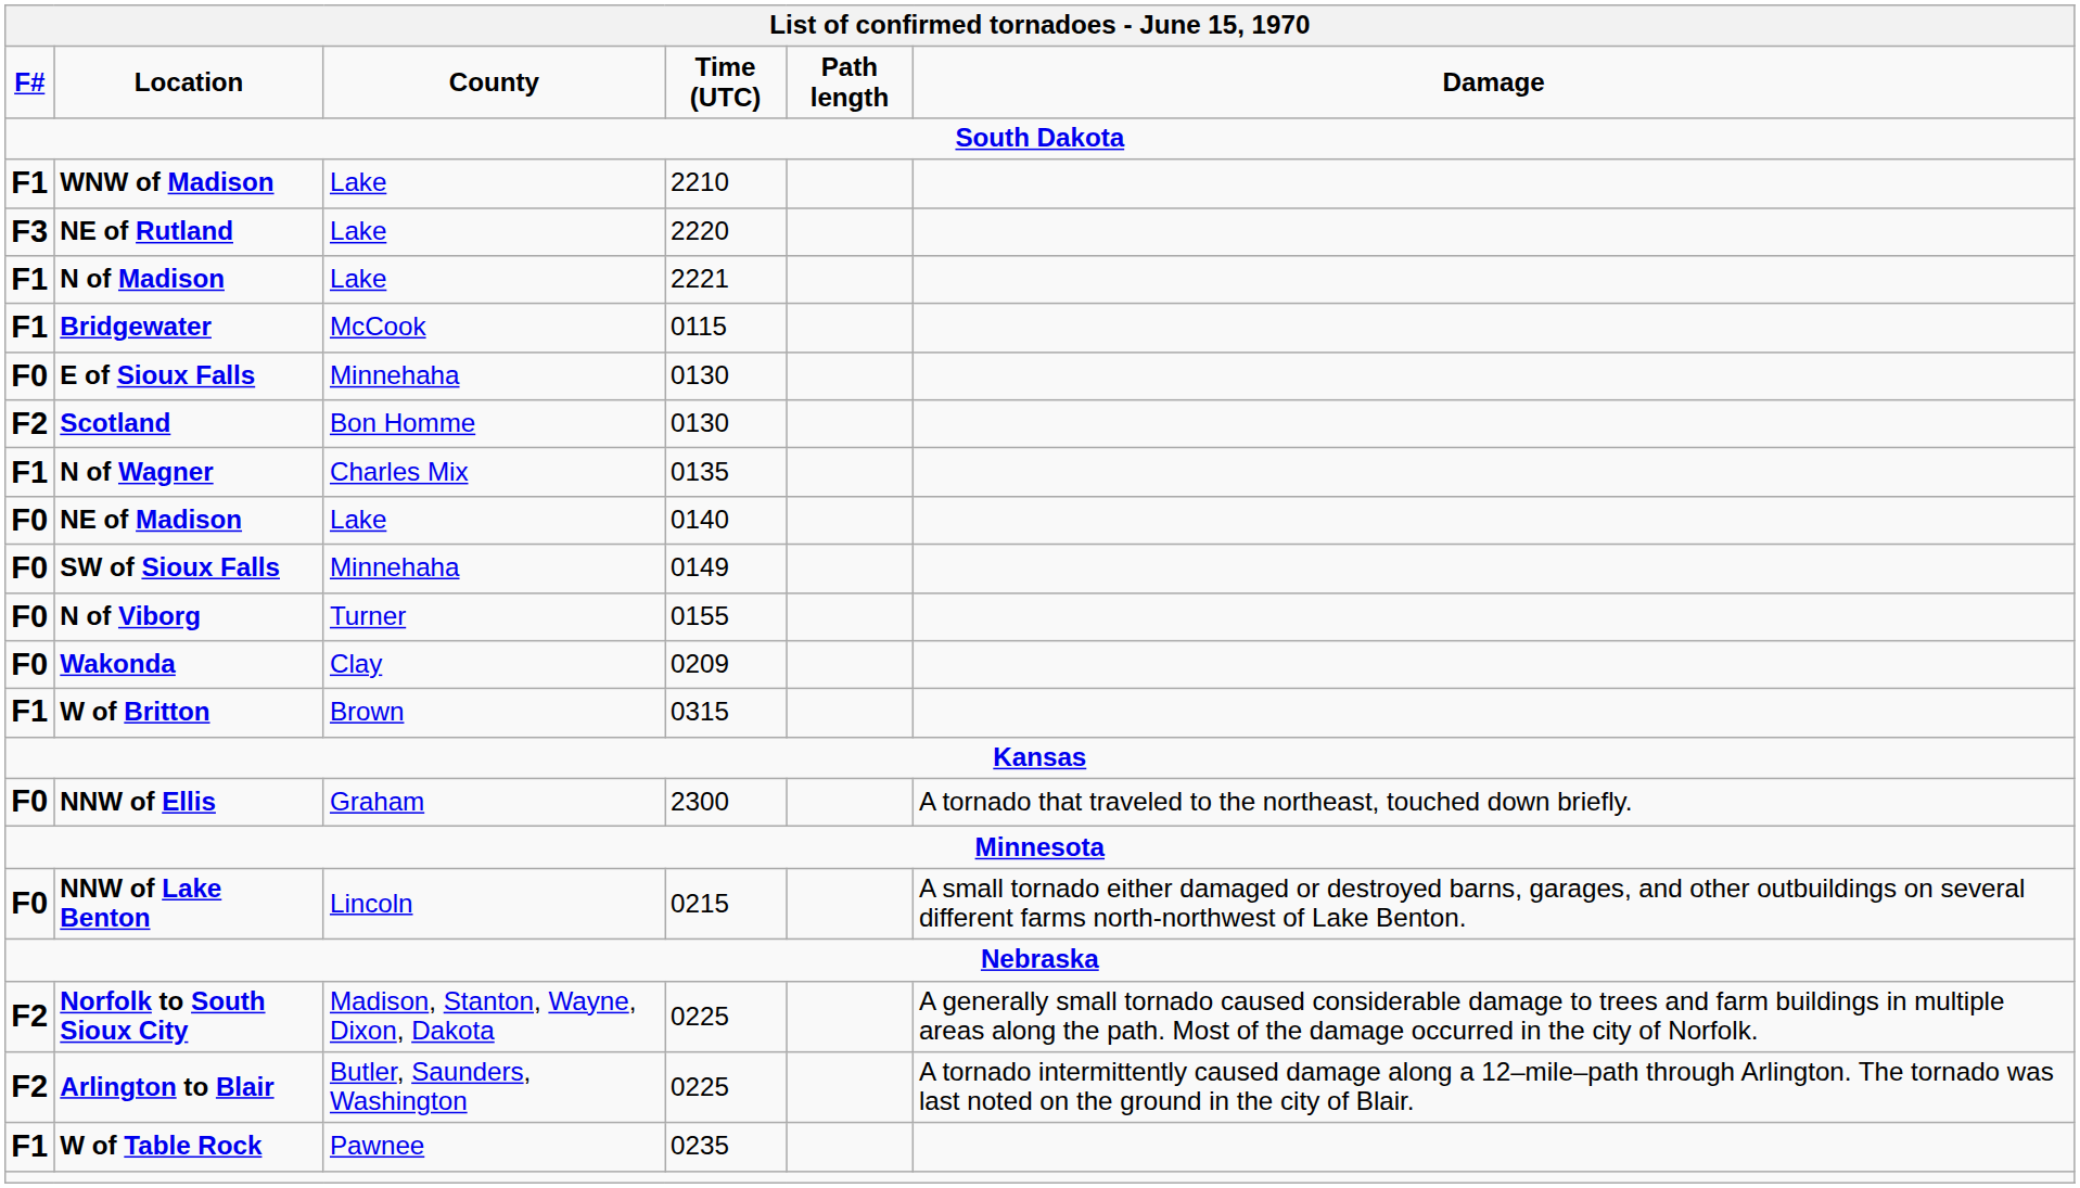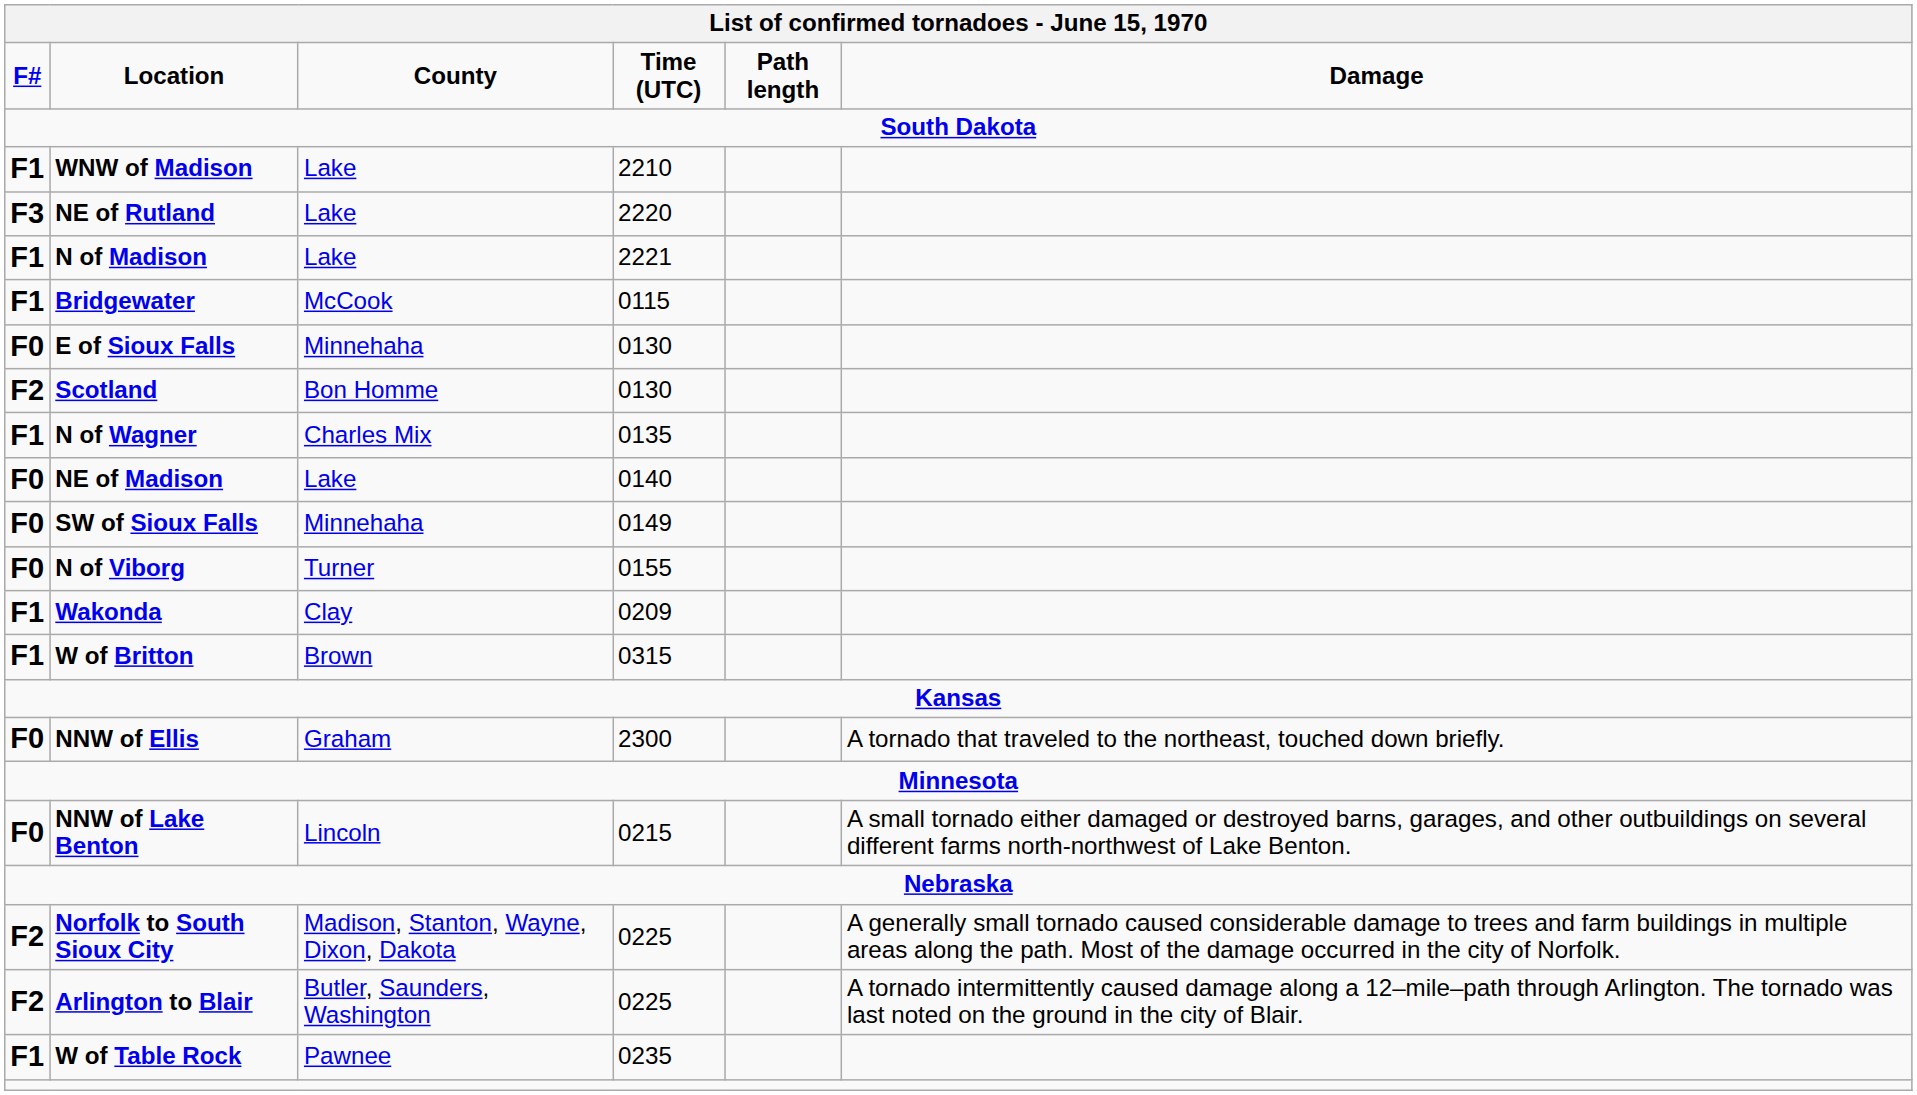 <table class="wikitable toccolours collapsible" width="100%">
 <tr>
 <th colspan="6">List of confirmed tornadoes - June 15, 1970</th>
 </tr>
 <tr style="text-align:center;">
 <td><strong><a href='#'>F#</a></strong></td>
 <td><strong>Location</strong></td>
 <td><strong>County</strong></td>
 <td><strong>Time (UTC)</strong></td>
 <td><strong>Path length</strong></td>
 <td><strong>Damage</strong></td>
 </tr>
 <tr>
 <td colspan="7" style="text-align:center;"><strong><a href='#'>South Dakota</a></strong></td>
 </tr>
 <tr>
 <td><big><strong>F1</strong></big></td>
 <td><strong>WNW of <a href='#'>Madison</a></strong></td>
 <td><a href='#'>Lake</a></td>
 <td>2210</td>
 <td></td>
 <td></td>
 </tr>
 <tr>
 <td><big><strong>F3</strong></big></td>
 <td><strong>NE of <a href='#'>Rutland</a></strong></td>
 <td><a href='#'>Lake</a></td>
 <td>2220</td>
 <td></td>
 <td></td>
 </tr>
 <tr>
 <td><big><strong>F1</strong></big></td>
 <td><strong>N of <a href='#'>Madison</a></strong></td>
 <td><a href='#'>Lake</a></td>
 <td>2221</td>
 <td></td>
 <td></td>
 </tr>
 <tr>
 <td><big><strong>F1</strong></big></td>
 <td><strong><a href='#'>Bridgewater</a></strong></td>
 <td><a href='#'>McCook</a></td>
 <td>0115</td>
 <td></td>
 <td></td>
 </tr>
 <tr>
 <td><big><strong>F0</strong></big></td>
 <td><strong>E of <a href='#'>Sioux Falls</a></strong></td>
 <td><a href='#'>Minnehaha</a></td>
 <td>0130</td>
 <td></td>
 <td></td>
 </tr>
 <tr>
 <td><big><strong>F2</strong></big></td>
 <td><strong><a href='#'>Scotland</a></strong></td>
 <td><a href='#'>Bon Homme</a></td>
 <td>0130</td>
 <td></td>
 <td></td>
 </tr>
 <tr>
 <td><big><strong>F1</strong></big></td>
 <td><strong>N of <a href='#'>Wagner</a></strong></td>
 <td><a href='#'>Charles Mix</a></td>
 <td>0135</td>
 <td></td>
 <td></td>
 </tr>
 <tr>
 <td><big><strong>F0</strong></big></td>
 <td><strong>NE of <a href='#'>Madison</a></strong></td>
 <td><a href='#'>Lake</a></td>
 <td>0140</td>
 <td></td>
 <td></td>
 </tr>
 <tr>
 <td><big><strong>F0</strong></big></td>
 <td><strong>SW of <a href='#'>Sioux Falls</a></strong></td>
 <td><a href='#'>Minnehaha</a></td>
 <td>0149</td>
 <td></td>
 <td></td>
 </tr>
 <tr>
 <td><big><strong>F0</strong></big></td>
 <td><strong>N of <a href='#'>Viborg</a></strong></td>
 <td><a href='#'>Turner</a></td>
 <td>0155</td>
 <td></td>
 <td></td>
 </tr>
 <tr>
-<td><big><strong>F0</strong></big></td>
+<td><big><strong>F1</strong></big></td>
 <td><strong><a href='#'>Wakonda</a></strong></td>
 <td><a href='#'>Clay</a></td>
 <td>0209</td>
 <td></td>
 <td></td>
 </tr>
 <tr>
 <td><big><strong>F1</strong></big></td>
 <td><strong>W of <a href='#'>Britton</a></strong></td>
 <td><a href='#'>Brown</a></td>
 <td>0315</td>
 <td></td>
 <td></td>
 </tr>
 <tr>
 <td colspan="7" align="center"><strong><a href='#'>Kansas</a></strong></td>
 </tr>
 <tr>
 <td><big><strong>F0</strong></big></td>
 <td><strong>NNW of <a href='#'>Ellis</a></strong></td>
 <td><a href='#'>Graham</a></td>
 <td>2300</td>
 <td></td>
 <td>A tornado that traveled to the northeast, touched down briefly.</td>
 </tr>
 <tr>
 <td colspan="7" align="center"><strong><a href='#'>Minnesota</a></strong></td>
 </tr>
 <tr>
 <td><big><strong>F0</strong></big></td>
 <td><strong>NNW of <a href='#'>Lake Benton</a></strong></td>
 <td><a href='#'>Lincoln</a></td>
 <td>0215</td>
 <td></td>
 <td>A small tornado either damaged or destroyed barns, garages, and other outbuildings on several different farms north-northwest of Lake Benton.</td>
 </tr>
 <tr>
 <td colspan="7" align="center"><strong><a href='#'>Nebraska</a></strong></td>
 </tr>
 <tr>
 <td><big><strong>F2</strong></big></td>
 <td><strong><a href='#'>Norfolk</a> to <a href='#'>South Sioux City</a></strong></td>
 <td><a href='#'>Madison</a>, <a href='#'>Stanton</a>, <a href='#'>Wayne</a>, <a href='#'>Dixon</a>, <a href='#'>Dakota</a></td>
 <td>0225</td>
 <td></td>
 <td>A generally small tornado caused considerable damage to trees and farm buildings in multiple areas along the path. Most of the damage occurred in the city of Norfolk.</td>
 </tr>
 <tr>
 <td><big><strong>F2</strong></big></td>
 <td><strong><a href='#'>Arlington</a> to <a href='#'>Blair</a></strong></td>
 <td><a href='#'>Butler</a>, <a href='#'>Saunders</a>, <a href='#'>Washington</a></td>
 <td>0225</td>
 <td></td>
 <td>A tornado intermittently caused damage along a 12–mile–path through Arlington. The tornado was last noted on the ground in the city of Blair.</td>
 </tr>
 <tr>
 <td><big><strong>F1</strong></big></td>
 <td><strong>W of <a href='#'>Table Rock</a></strong></td>
 <td><a href='#'>Pawnee</a></td>
 <td>0235</td>
 <td></td>
 <td></td>
 </tr>
 <tr>
 <td colspan="7" align="center"><small></small></td>
 </tr>
 <tr>
 </tr>
 </table>
